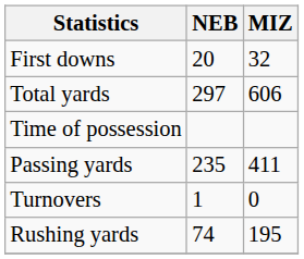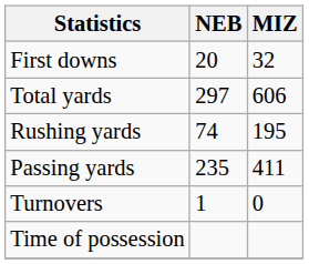 <table class="wikitable" style="float: left;">
 <tr>
 <th>Statistics</th>
 <th>NEB</th>
 <th>MIZ</th>
 </tr>
 <tr>
 <td>First downs</td>
 <td>20</td>
 <td>32</td>
 </tr>
 <tr>
 <td>Total yards</td>
 <td>297</td>
 <td>606</td>
 </tr>
 <tr>
-<td>Time of possession</td>
-<td></td>
-<td></td>
+<td>Rushing yards</td>
+<td>74</td>
+<td>195</td>
 </tr>
 <tr>
 <td>Passing yards</td>
 <td>235</td>
 <td>411</td>
 </tr>
 <tr>
 <td>Turnovers</td>
 <td>1</td>
 <td>0</td>
 </tr>
 <tr>
-<td>Rushing yards</td>
-<td>74</td>
-<td>195</td>
+<td>Time of possession</td>
+<td></td>
+<td></td>
 </tr>
 <tr>
 </tr>
 </table>
